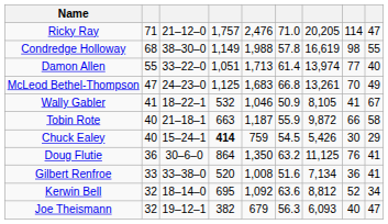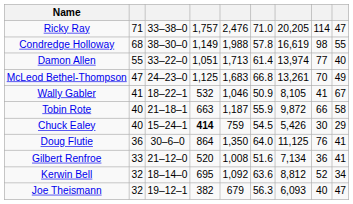 <table class="wikitable sortable" style="text-align:center">
 <tr>
 <th>Name</th>
 <th></th>
 <th></th>
 <th></th>
 <th></th>
 <th></th>
 <th></th>
 <th></th>
 <th></th>
 </tr>
 <tr>
 <td><a href='#'>Ricky Ray</a></td>
 <td>71</td>
-<td>21–12–0</td>
+<td>33–38–0</td>
 <td>1,757</td>
 <td>2,476</td>
 <td>71.0</td>
 <td>20,205</td>
 <td>114</td>
 <td>47</td>
 </tr>
 <tr>
 <td><a href='#'>Condredge Holloway</a></td>
 <td>68</td>
 <td>38–30–0</td>
 <td>1,149</td>
 <td>1,988</td>
 <td>57.8</td>
 <td>16,619</td>
 <td>98</td>
 <td>55</td>
 </tr>
 <tr>
 <td><a href='#'>Damon Allen</a></td>
 <td>55</td>
 <td>33–22–0</td>
 <td>1,051</td>
 <td>1,713</td>
 <td>61.4</td>
 <td>13,974</td>
 <td>77</td>
 <td>40</td>
 </tr>
 <tr>
 <td><a href='#'>McLeod Bethel-Thompson</a></td>
 <td>47</td>
 <td>24–23–0</td>
 <td>1,125</td>
 <td>1,683</td>
 <td>66.8</td>
 <td>13,261</td>
 <td>70</td>
 <td>49</td>
 </tr>
 <tr>
 <td><a href='#'>Wally Gabler</a></td>
 <td>41</td>
 <td>18–22–1</td>
 <td>532</td>
 <td>1,046</td>
 <td>50.9</td>
 <td>8,105</td>
 <td>41</td>
 <td>67</td>
 </tr>
 <tr>
 <td><a href='#'>Tobin Rote</a></td>
 <td>40</td>
 <td>21–18–1</td>
 <td>663</td>
 <td>1,187</td>
 <td>55.9</td>
 <td>9,872</td>
 <td>66</td>
 <td>58</td>
 </tr>
 <tr>
 <td><a href='#'>Chuck Ealey</a></td>
 <td>40</td>
 <td>15–24–1</td>
 <td><strong>414</strong></td>
 <td>759</td>
 <td>54.5</td>
 <td>5,426</td>
 <td>30</td>
 <td>29</td>
 </tr>
 <tr>
 <td><a href='#'>Doug Flutie</a></td>
 <td>36</td>
 <td>30–6–0</td>
 <td>864</td>
 <td>1,350</td>
-<td>63.2</td>
+<td>64.0</td>
 <td>11,125</td>
 <td>76</td>
 <td>41</td>
 </tr>
 <tr>
 <td><a href='#'>Gilbert Renfroe</a></td>
 <td>33</td>
-<td>33–38–0</td>
+<td>21–12–0</td>
 <td>520</td>
 <td>1,008</td>
 <td>51.6</td>
 <td>7,134</td>
 <td>36</td>
 <td>41</td>
 </tr>
 <tr>
 <td><a href='#'>Kerwin Bell</a></td>
 <td>32</td>
 <td>18–14–0</td>
 <td>695</td>
 <td>1,092</td>
 <td>63.6</td>
 <td>8,812</td>
 <td>52</td>
 <td>34</td>
 </tr>
 <tr>
 <td><a href='#'>Joe Theismann</a></td>
 <td>32</td>
 <td>19–12–1</td>
 <td>382</td>
 <td>679</td>
 <td>56.3</td>
 <td>6,093</td>
 <td>40</td>
 <td>47</td>
 </tr>
 </table>
